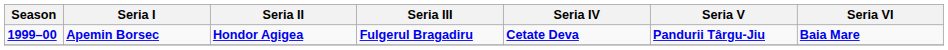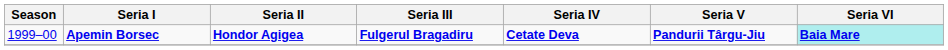 <table class=wikitable style="font-size:90%">
 <tr>
 <th width="60">Season</th>
 <th width="160">Seria I</th>
 <th width="160">Seria II</th>
 <th width="160">Seria III</th>
 <th width="160">Seria IV</th>
 <th width="160">Seria V</th>
 <th width="160">Seria VI</th>
 </tr>
 <tr>
-<td><strong><a href='#'>1999–00</a></strong></td>
+<td><a href='#'>1999–00</a></td>
 <td><strong><a href='#'>Apemin Borsec</a></strong></td>
 <td><strong><a href='#'>Hondor Agigea</a></strong></td>
 <td><strong><a href='#'>Fulgerul Bragadiru</a></strong></td>
 <td><strong><a href='#'>Cetate Deva</a></strong></td>
 <td><strong><a href='#'>Pandurii Târgu-Jiu</a></strong></td>
-<td><strong><a href='#'>Baia Mare</a></strong></td>
+<td style="background: paleturquoise;"><strong><a href='#'>Baia Mare</a></strong></td>
 </tr>
 <tr>
 </tr>
 </table>
